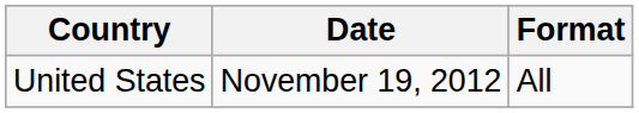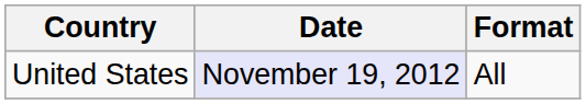 <table class="wikitable">
 <tr>
 <th>Country</th>
 <th>Date</th>
 <th>Format</th>
 </tr>
 <tr>
 <td rowspan="2">United States</td>
-<td>November 19, 2012</td>
+<td style="background: lavender;">November 19, 2012</td>
 <td>All</td>
 </tr>
 </table>
